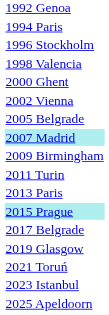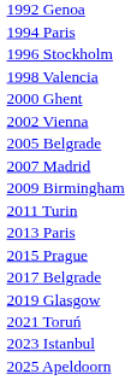 <table>
 <tr>
 <td><a href='#'>1992 Genoa</a><br></td>
 <td></td>
 <td></td>
 <td></td>
 </tr>
 <tr>
 <td><a href='#'>1994 Paris</a><br></td>
 <td></td>
 <td></td>
 <td></td>
 </tr>
 <tr>
 <td><a href='#'>1996 Stockholm</a><br></td>
 <td></td>
 <td></td>
 <td></td>
 </tr>
 <tr>
 <td><a href='#'>1998 Valencia</a><br></td>
 <td></td>
 <td></td>
 <td></td>
 </tr>
 <tr>
 <td><a href='#'>2000 Ghent</a><br></td>
 <td></td>
 <td></td>
 <td></td>
 </tr>
 <tr>
 <td><a href='#'>2002 Vienna</a><br></td>
 <td></td>
 <td></td>
 <td></td>
 </tr>
 <tr>
 <td><a href='#'>2005 Belgrade</a><br></td>
 <td></td>
 <td></td>
 <td></td>
 </tr>
 <tr>
-<td style="background: paleturquoise;"><a href='#'>2007 Madrid</a><br></td>
+<td><a href='#'>2007 Madrid</a><br></td>
 <td></td>
 <td></td>
 <td></td>
 </tr>
 <tr>
 <td><a href='#'>2009 Birmingham</a><br></td>
 <td></td>
 <td></td>
 <td></td>
 </tr>
 <tr>
 <td><a href='#'>2011 Turin</a><br></td>
 <td></td>
 <td></td>
 <td></td>
 </tr>
 <tr>
 <td><a href='#'>2013 Paris</a><br></td>
 <td></td>
 <td></td>
 <td></td>
 </tr>
 <tr>
-<td style="background: paleturquoise;"><a href='#'>2015 Prague</a><br></td>
+<td><a href='#'>2015 Prague</a><br></td>
 <td></td>
 <td></td>
 <td></td>
 </tr>
 <tr>
 <td><a href='#'>2017 Belgrade</a><br></td>
 <td></td>
 <td></td>
 <td></td>
 </tr>
 <tr>
 <td><a href='#'>2019 Glasgow</a><br></td>
 <td></td>
 <td></td>
 <td></td>
 </tr>
 <tr>
 <td><a href='#'>2021 Toruń</a><br></td>
 <td></td>
 <td></td>
 <td></td>
 </tr>
 <tr>
 <td><a href='#'>2023 Istanbul</a><br></td>
 <td></td>
 <td></td>
 <td></td>
 </tr>
 <tr>
 <td><a href='#'>2025 Apeldoorn</a><br></td>
 <td></td>
 <td></td>
 <td></td>
 </tr>
 </table>
